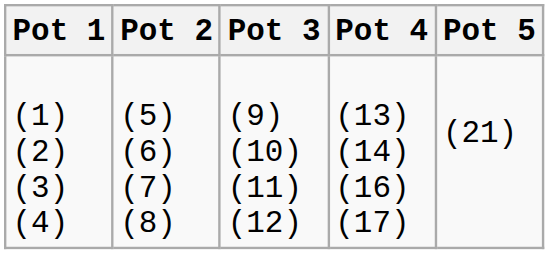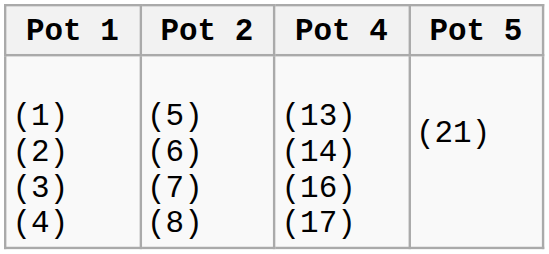 <table class="wikitable">
 <tr>
 <th width=20%>Pot 1</th>
 <th width=20%>Pot 2</th>
-<th width=20%>Pot 3</th>
 <th width=20%>Pot 4</th>
 <th width=20%>Pot 5</th>
 </tr>
 <tr>
 <td><br> (1)<br>  (2)<br>  (3)<br>  (4)<br></td>
 <td><br> (5)<br>  (6)<br>  (7)<br>  (8)</td>
-<td><br> (9)<br>  (10)<br>  (11)<br>  (12)</td>
 <td><br> (13)<br>  (14)<br>  (16)<br>  (17)</td>
 <td><br>  (21)<br> <br> <br> </td>
 </tr>
 </table>
